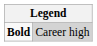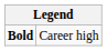 <table class="wikitable mw-collapsible mw-collapsed">
 <tr>
 <th colspan="2">Legend</th>
 </tr>
 <tr>
 <td><strong>Bold</strong></td>
-<td style="background: lightgrey;">Career high</td>
+<td>Career high</td>
 </tr>
 </table>
